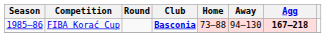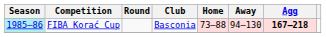 <table class="wikitable mw-collapsible" style="font-size:95%;">
 <tr>
 <th>Season</th>
 <th>Competition</th>
 <th>Round</th>
 <th>Club</th>
 <th>Home</th>
 <th>Away</th>
 <th width="70"><a href='#'>Agg</a></th>
 <th></th>
 </tr>
 <tr>
-<td rowspan="1"><a href='#'>1985–86</a></td>
+<td rowspan="1" style="background: paleturquoise;"><a href='#'>1985–86</a></td>
 <td rowspan="1"><a href='#'>FIBA Korać Cup</a></td>
 <td></td>
-<td><strong> <a href='#'>Basconia</a></strong></td>
+<td> <a href='#'>Basconia</a></td>
 <td style="text-align:center;" bgcolor=#fdd>73–88</td>
 <td style="text-align:center;" bgcolor=#fdd>94–130</td>
 <td style="text-align:center;" bgcolor=#fdd><strong>167–218</strong></td>
 <td></td>
 </tr>
 <tr>
 </tr>
 </table>
